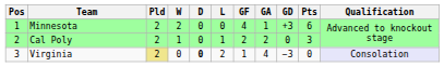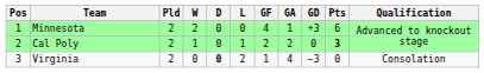 <table class="wikitable" style="text-align:center; margin: 1em auto">
 <tr>
 <th style=width:2em>Pos</th>
 <th style=width:13em>Team</th>
 <th style=width:2em>Pld</th>
 <th style=width:2em>W</th>
 <th style=width:2em>D</th>
 <th style=width:2em>L</th>
 <th style=width:2em>GF</th>
 <th style=width:2em>GA</th>
 <th style=width:2em>GD</th>
 <th style=width:2em>Pts</th>
 <th style=width:13em>Qualification</th>
 </tr>
 <tr bgcolor="#9eff9e">
 <td>1</td>
 <td style="text-align:left">Minnesota</td>
 <td>2</td>
 <td>2</td>
 <td>0</td>
 <td>0</td>
 <td>4</td>
 <td>1</td>
 <td>+3</td>
 <td>6</td>
 <td rowspan="2">Advanced to knockout stage</td>
 </tr>
 <tr bgcolor="#9eff9e">
 <td>2</td>
 <td style="text-align:left">Cal Poly</td>
 <td>2</td>
 <td>1</td>
 <td>0</td>
 <td>1</td>
 <td>2</td>
 <td>2</td>
 <td>0</td>
-<td>3</td>
+<td><strong>3</strong></td>
 </tr>
 <tr>
 <td>3</td>
 <td style="text-align:left">Virginia</td>
-<td style="background: khaki;">2</td>
+<td>2</td>
 <td>0</td>
 <td><strong>0</strong></td>
 <td>2</td>
 <td>1</td>
 <td>4</td>
 <td>−3</td>
 <td>0</td>
-<td style="background: lavender;">Consolation</td>
+<td>Consolation</td>
 </tr>
 </table>
